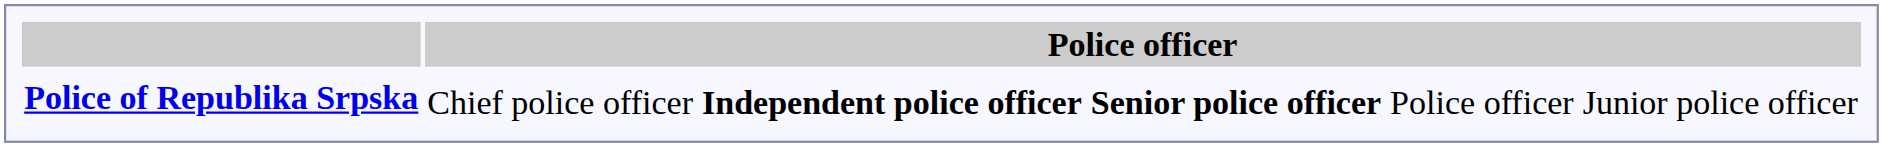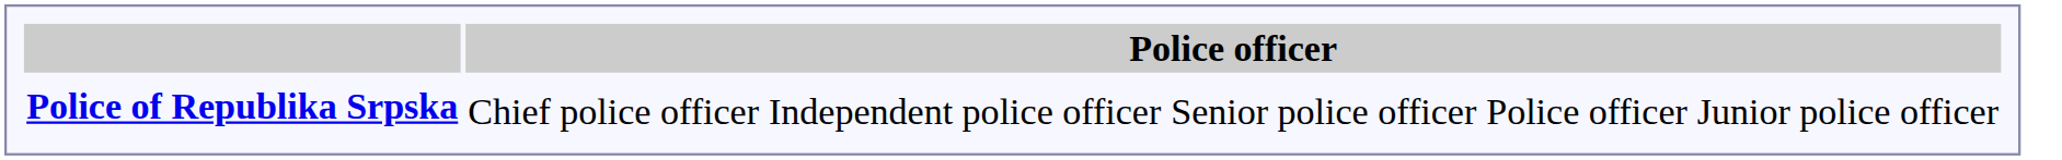 <table style="border:1px solid #8888aa; background-color:#f7f8ff; padding:5px; font-size:95%; margin: 0px 12px 12px 0px;">
 <tr style="background-color:#CCCCCC;">
 <th></th>
 <th colspan=5>Police officer</th>
 </tr>
 <tr style="text-align:center;">
 <td rowspan=2> <strong><a href='#'>Police of Republika Srpska</a></strong></td>
 <td></td>
 <td></td>
 <td></td>
 <td></td>
 <td></td>
 </tr>
 <tr style="text-align:center;">
 <td>Chief police officer<br></td>
-<td><strong>Independent police officer<br></strong></td>
-<td><strong>Senior police officer<br></strong></td>
+<td>Independent police officer<br></td>
+<td>Senior police officer<br></td>
 <td>Police officer<br></td>
 <td>Junior police officer<br></td>
 </tr>
 </table>
